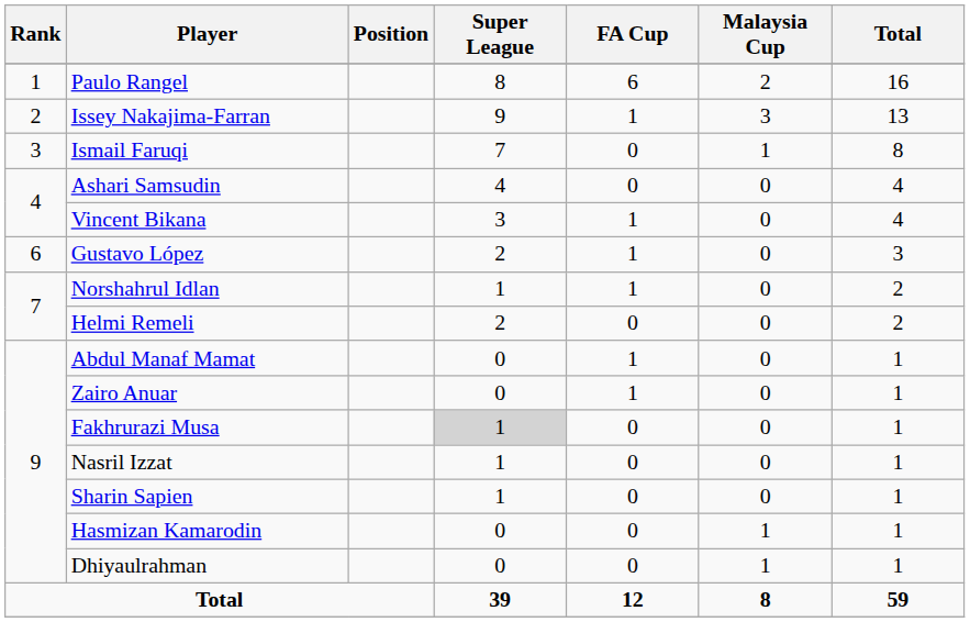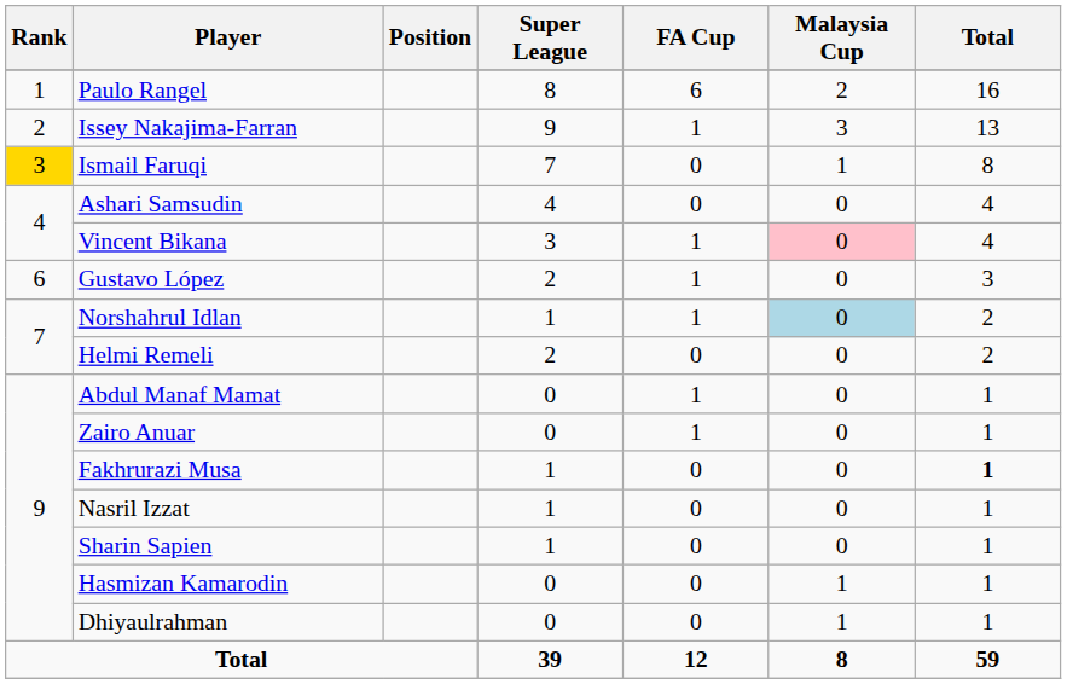 <table class="wikitable">
 <tr>
 <th>Rank</th>
 <th style="width:200px;">Player</th>
 <th>Position</th>
 <th style="width:90px;">Super League</th>
 <th style="width:90px;">FA Cup</th>
 <th style="width:90px;">Malaysia Cup</th>
 <th style="width:90px;">Total</th>
 </tr>
 <tr>
 </tr>
 <tr>
 <td align=center rowspan=1>1</td>
 <td> <a href='#'>Paulo Rangel</a></td>
 <td align=center></td>
 <td align=center>8</td>
 <td align=center>6</td>
 <td align=center>2</td>
 <td align=center>16</td>
 </tr>
 <tr>
 <td align=center rowspan=1>2</td>
 <td> <a href='#'>Issey Nakajima-Farran</a></td>
 <td align=center></td>
 <td align=center>9</td>
 <td align=center>1</td>
 <td align=center>3</td>
 <td align=center>13</td>
 </tr>
 <tr>
-<td align=center rowspan=1>3</td>
+<td align=center rowspan=1 style="background: gold;">3</td>
 <td> <a href='#'>Ismail Faruqi</a></td>
 <td align=center></td>
 <td align=center>7</td>
 <td align=center>0</td>
 <td align=center>1</td>
 <td align=center>8</td>
 </tr>
 <tr>
 <td align=center rowspan=2>4</td>
 <td> <a href='#'>Ashari Samsudin</a></td>
 <td align=center></td>
 <td align=center>4</td>
 <td align=center>0</td>
 <td align=center>0</td>
 <td align=center>4</td>
 </tr>
 <tr>
 <td> <a href='#'>Vincent Bikana</a></td>
 <td align=center></td>
 <td align=center>3</td>
 <td align=center>1</td>
-<td align=center>0</td>
+<td align=center style="background: pink;">0</td>
 <td align=center>4</td>
 </tr>
 <tr>
 <td align=center rowspan=1>6</td>
 <td> <a href='#'>Gustavo López</a></td>
 <td align=center></td>
 <td align=center>2</td>
 <td align=center>1</td>
 <td align=center>0</td>
 <td align=center>3</td>
 </tr>
 <tr>
 <td align=center rowspan=2>7</td>
 <td> <a href='#'>Norshahrul Idlan</a></td>
 <td align=center></td>
 <td align=center>1</td>
 <td align=center>1</td>
-<td align=center>0</td>
+<td align=center style="background: lightblue;">0</td>
 <td align=center>2</td>
 </tr>
 <tr>
 <td> <a href='#'>Helmi Remeli</a></td>
 <td align=center></td>
 <td align=center>2</td>
 <td align=center>0</td>
 <td align=center>0</td>
 <td align=center>2</td>
 </tr>
 <tr>
 <td align=center rowspan=7>9</td>
 <td> <a href='#'>Abdul Manaf Mamat</a></td>
 <td align=center></td>
 <td align=center>0</td>
 <td align=center>1</td>
 <td align=center>0</td>
 <td align=center>1</td>
 </tr>
 <tr>
 <td> <a href='#'>Zairo Anuar</a></td>
 <td align=center></td>
 <td align=center>0</td>
 <td align=center>1</td>
 <td align=center>0</td>
 <td align=center>1</td>
 </tr>
 <tr>
 <td> <a href='#'>Fakhrurazi Musa</a></td>
 <td align=center></td>
-<td align=center style="background: lightgrey;">1</td>
+<td align=center>1</td>
 <td align=center>0</td>
 <td align=center>0</td>
-<td align=center>1</td>
+<td align=center><strong>1</strong></td>
 </tr>
 <tr>
 <td> Nasril Izzat</td>
 <td align=center></td>
 <td align=center>1</td>
 <td align=center>0</td>
 <td align=center>0</td>
 <td align=center>1</td>
 </tr>
 <tr>
 <td> <a href='#'>Sharin Sapien</a></td>
 <td align=center></td>
 <td align=center>1</td>
 <td align=center>0</td>
 <td align=center>0</td>
 <td align=center>1</td>
 </tr>
 <tr>
 <td> <a href='#'>Hasmizan Kamarodin</a></td>
 <td align=center></td>
 <td align=center>0</td>
 <td align=center>0</td>
 <td align=center>1</td>
 <td align=center>1</td>
 </tr>
 <tr>
 <td> Dhiyaulrahman</td>
 <td align=center></td>
 <td align=center>0</td>
 <td align=center>0</td>
 <td align=center>1</td>
 <td align=center>1</td>
 </tr>
 <tr>
 <td align=center colspan=3><strong>Total</strong></td>
 <td align=center><strong>39</strong></td>
 <td align=center><strong>12</strong></td>
 <td align=center><strong>8</strong></td>
 <td align=center><strong>59</strong></td>
 </tr>
 <tr>
 </tr>
 </table>
